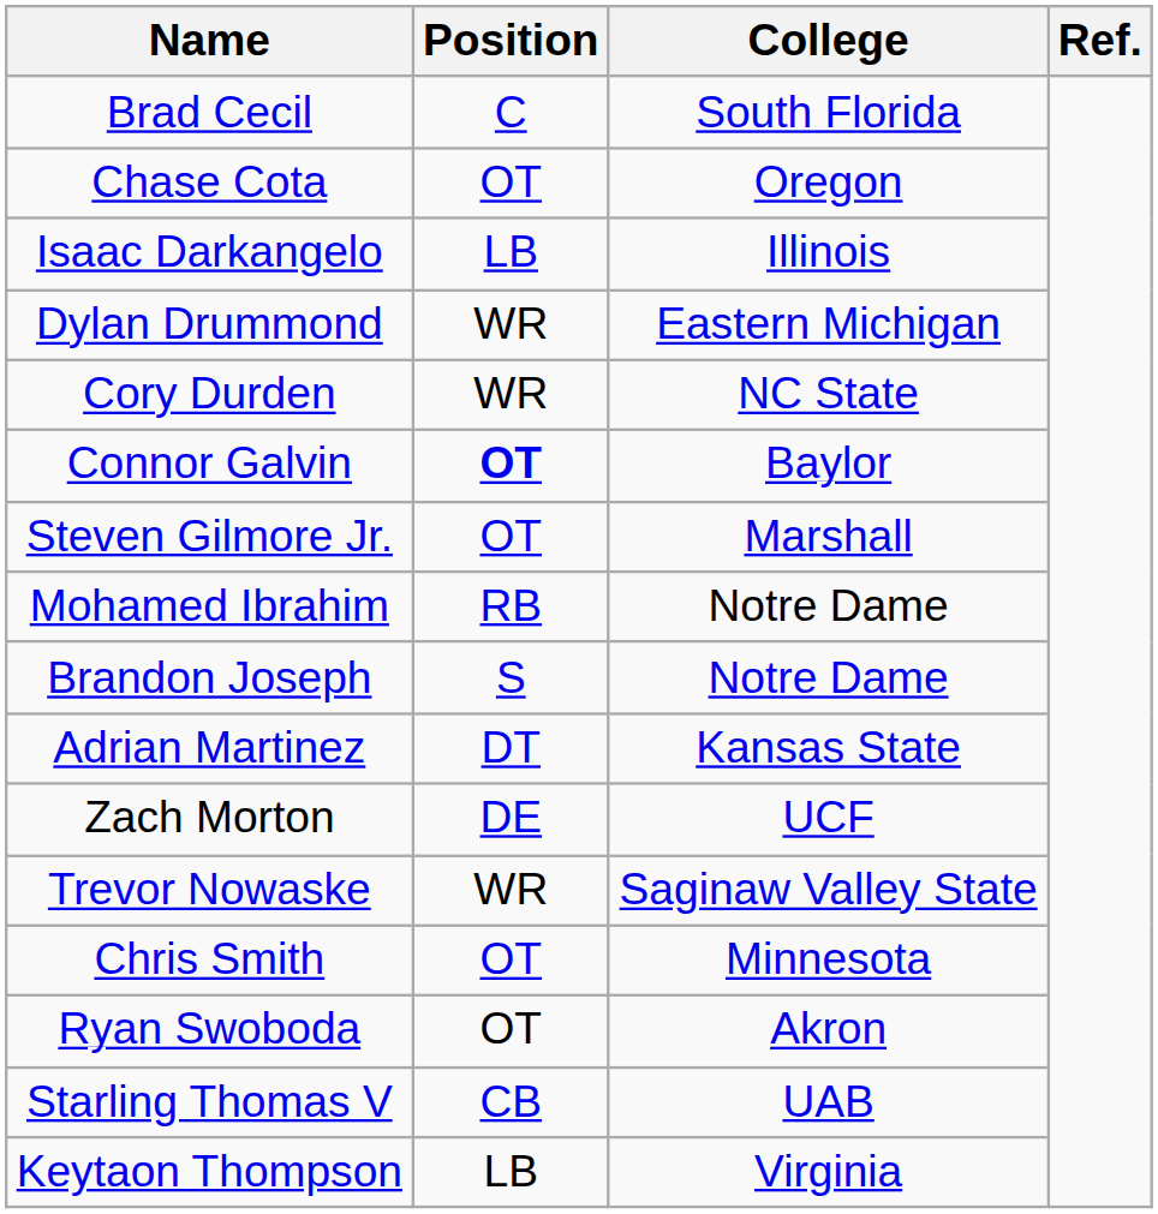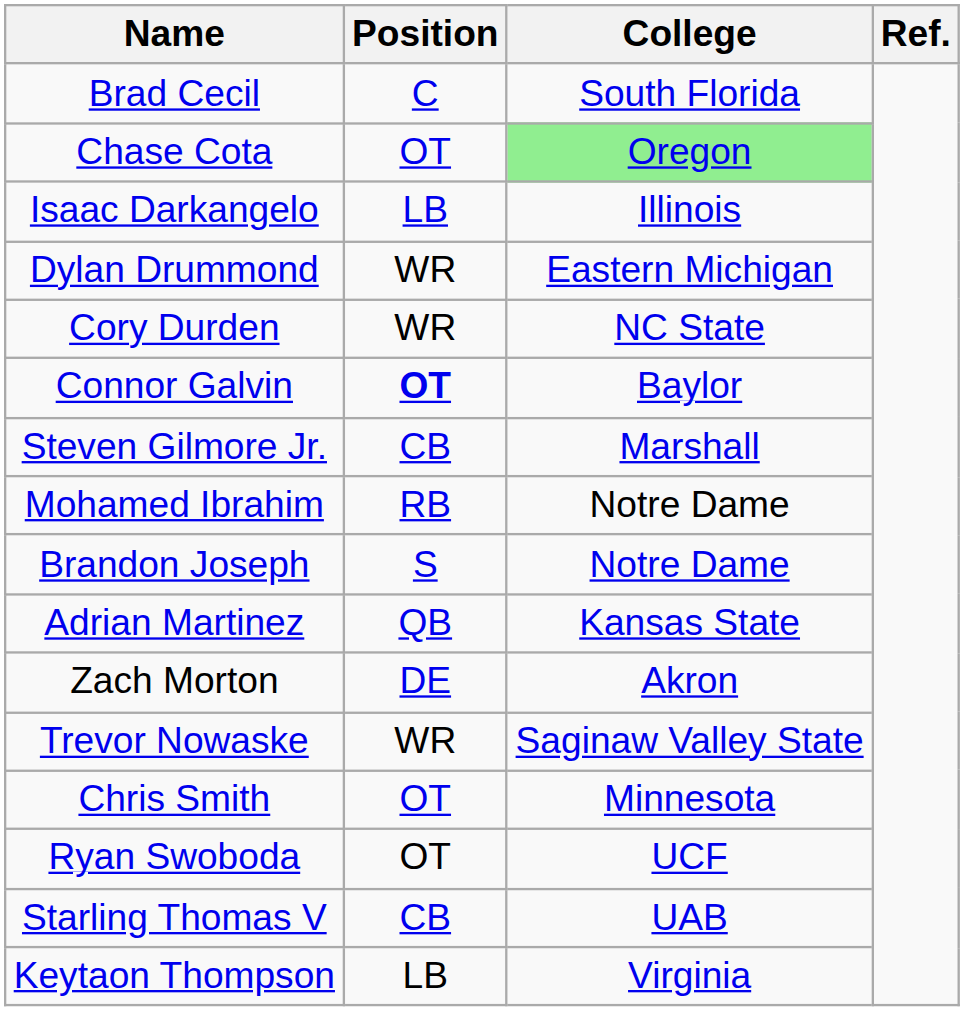 <table class="wikitable" style="text-align:center">
 <tr>
 <th>Name</th>
 <th>Position</th>
 <th>College</th>
 <th>Ref.</th>
 </tr>
 <tr>
 <td><a href='#'>Brad Cecil</a></td>
 <td><a href='#'>C</a></td>
 <td><a href='#'>South Florida</a></td>
 <td rowspan="16"></td>
 </tr>
 <tr>
 <td><a href='#'>Chase Cota</a></td>
 <td><a href='#'>OT</a></td>
-<td><a href='#'>Oregon</a></td>
+<td style="background: lightgreen;"><a href='#'>Oregon</a></td>
 </tr>
 <tr>
 <td><a href='#'>Isaac Darkangelo</a></td>
 <td><a href='#'>LB</a></td>
 <td><a href='#'>Illinois</a></td>
 </tr>
 <tr>
 <td><a href='#'>Dylan Drummond</a></td>
 <td>WR</td>
 <td><a href='#'>Eastern Michigan</a></td>
 </tr>
 <tr>
 <td><a href='#'>Cory Durden</a></td>
 <td>WR</td>
 <td><a href='#'>NC State</a></td>
 </tr>
 <tr>
 <td><a href='#'>Connor Galvin</a></td>
 <td><strong><a href='#'>OT</a></strong></td>
 <td><a href='#'>Baylor</a></td>
 </tr>
 <tr>
 <td><a href='#'>Steven Gilmore Jr.</a></td>
-<td><a href='#'>OT</a></td>
+<td><a href='#'>CB</a></td>
 <td><a href='#'>Marshall</a></td>
 </tr>
 <tr>
 <td><a href='#'>Mohamed Ibrahim</a></td>
 <td><a href='#'>RB</a></td>
 <td>Notre Dame</td>
 </tr>
 <tr>
 <td><a href='#'>Brandon Joseph</a></td>
 <td><a href='#'>S</a></td>
 <td><a href='#'>Notre Dame</a></td>
 </tr>
 <tr>
 <td><a href='#'>Adrian Martinez</a></td>
-<td><a href='#'>DT</a></td>
+<td><a href='#'>QB</a></td>
 <td><a href='#'>Kansas State</a></td>
 </tr>
 <tr>
 <td>Zach Morton</td>
 <td><a href='#'>DE</a></td>
-<td><a href='#'>UCF</a></td>
+<td><a href='#'>Akron</a></td>
 </tr>
 <tr>
 <td><a href='#'>Trevor Nowaske</a></td>
 <td>WR</td>
 <td><a href='#'>Saginaw Valley State</a></td>
 </tr>
 <tr>
 <td><a href='#'>Chris Smith</a></td>
 <td><a href='#'>OT</a></td>
 <td><a href='#'>Minnesota</a></td>
 </tr>
 <tr>
 <td><a href='#'>Ryan Swoboda</a></td>
 <td>OT</td>
-<td><a href='#'>Akron</a></td>
+<td><a href='#'>UCF</a></td>
 </tr>
 <tr>
 <td><a href='#'>Starling Thomas V</a></td>
 <td><a href='#'>CB</a></td>
 <td><a href='#'>UAB</a></td>
 </tr>
 <tr>
 <td><a href='#'>Keytaon Thompson</a></td>
 <td>LB</td>
 <td><a href='#'>Virginia</a></td>
 </tr>
 </table>
